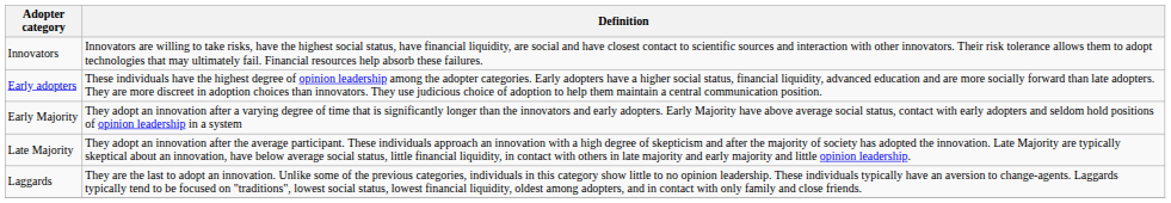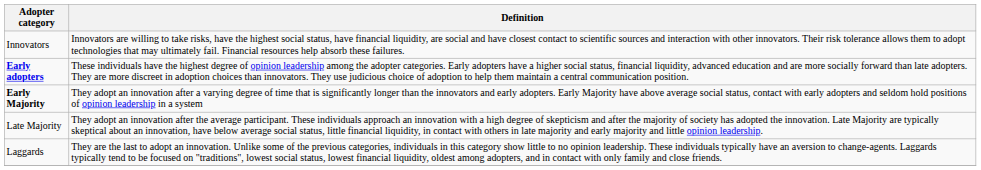 <table class="wikitable">
 <tr>
 <th>Adopter category</th>
 <th>Definition</th>
 </tr>
 <tr>
 <td>Innovators</td>
 <td>Innovators are willing to take risks, have the highest social status, have financial liquidity, are social and have closest contact to scientific sources and interaction with other innovators. Their risk tolerance allows them to adopt technologies that may ultimately fail. Financial resources help absorb these failures.</td>
 </tr>
 <tr>
-<td><a href='#'>Early adopters</a></td>
+<td><strong><a href='#'>Early adopters</a></strong></td>
 <td>These individuals have the highest degree of <a href='#'>opinion leadership</a> among the adopter categories. Early adopters have a higher social status, financial liquidity, advanced education and are more socially forward than late adopters. They are more discreet in adoption choices than innovators. They use judicious choice of adoption to help them maintain a central communication position.</td>
 </tr>
 <tr>
-<td>Early Majority</td>
+<td><strong>Early Majority</strong></td>
 <td>They adopt an innovation after a varying degree of time that is significantly longer than the innovators and early adopters. Early Majority have above average social status, contact with early adopters and seldom hold positions of <a href='#'>opinion leadership</a> in a system </td>
 </tr>
 <tr>
 <td>Late Majority</td>
 <td>They adopt an innovation after the average participant. These individuals approach an innovation with a high degree of skepticism and after the majority of society has adopted the innovation. Late Majority are typically skeptical about an innovation, have below average social status, little financial liquidity, in contact with others in late majority and early majority and little <a href='#'>opinion leadership</a>.</td>
 </tr>
 <tr>
 <td>Laggards</td>
 <td>They are the last to adopt an innovation. Unlike some of the previous categories, individuals in this category show little to no opinion leadership. These individuals typically have an aversion to change-agents. Laggards typically tend to be focused on "traditions", lowest social status, lowest financial liquidity, oldest among adopters, and in contact with only family and close friends.</td>
 </tr>
 <tr>
 </tr>
 </table>
